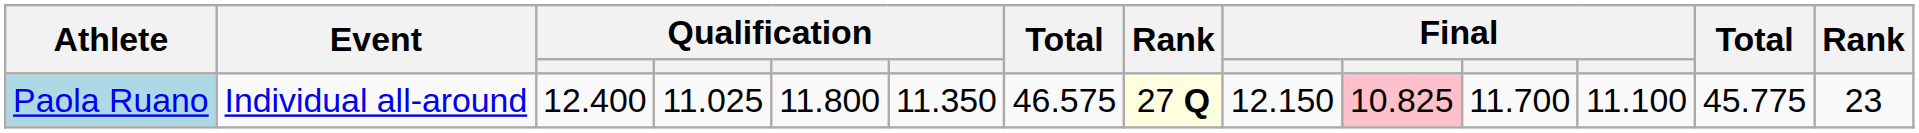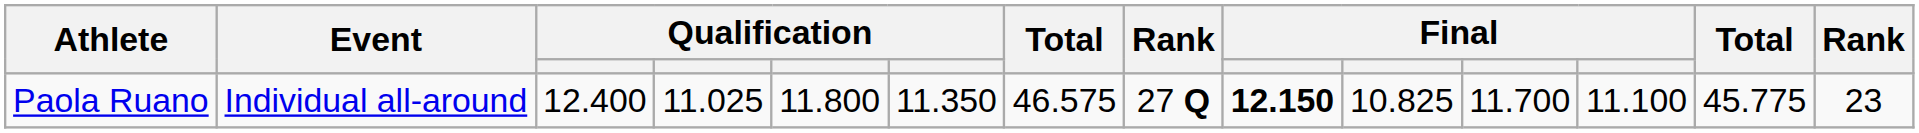 <table class="wikitable" style="font-size:90%">
 <tr>
 <th rowspan=2>Athlete</th>
 <th rowspan=2>Event</th>
 <th colspan=4>Qualification</th>
 <th rowspan=2>Total</th>
 <th rowspan=2>Rank</th>
 <th colspan=4>Final</th>
 <th rowspan=2>Total</th>
 <th rowspan=2>Rank</th>
 </tr>
 <tr style="font-size:95%">
 <th></th>
 <th></th>
 <th></th>
 <th></th>
 <th></th>
 <th></th>
 <th></th>
 <th></th>
 </tr>
 <tr align=center>
-<td align=left style="background: lightblue;"><a href='#'>Paola Ruano</a></td>
+<td align=left><a href='#'>Paola Ruano</a></td>
 <td align=left><a href='#'>Individual all-around</a></td>
 <td>12.400</td>
 <td>11.025</td>
 <td>11.800</td>
 <td>11.350</td>
 <td>46.575</td>
-<td style="background: lightyellow;">27 <strong>Q</strong></td>
-<td>12.150</td>
-<td style="background: pink;">10.825</td>
+<td>27 <strong>Q</strong></td>
+<td><strong>12.150</strong></td>
+<td>10.825</td>
 <td>11.700</td>
 <td>11.100</td>
 <td>45.775</td>
 <td>23</td>
 </tr>
 </table>
